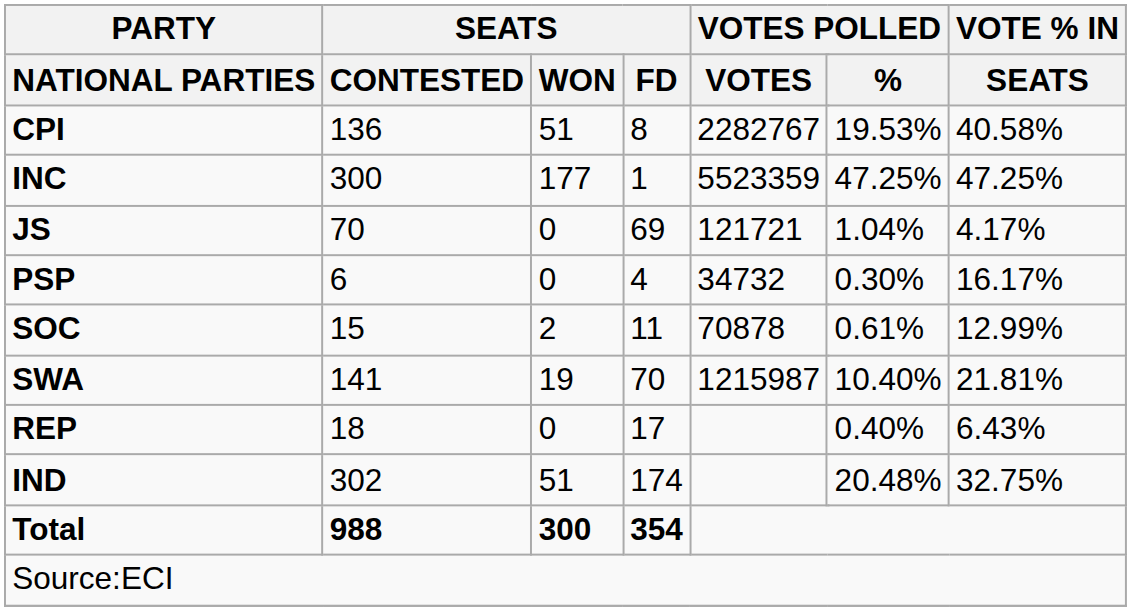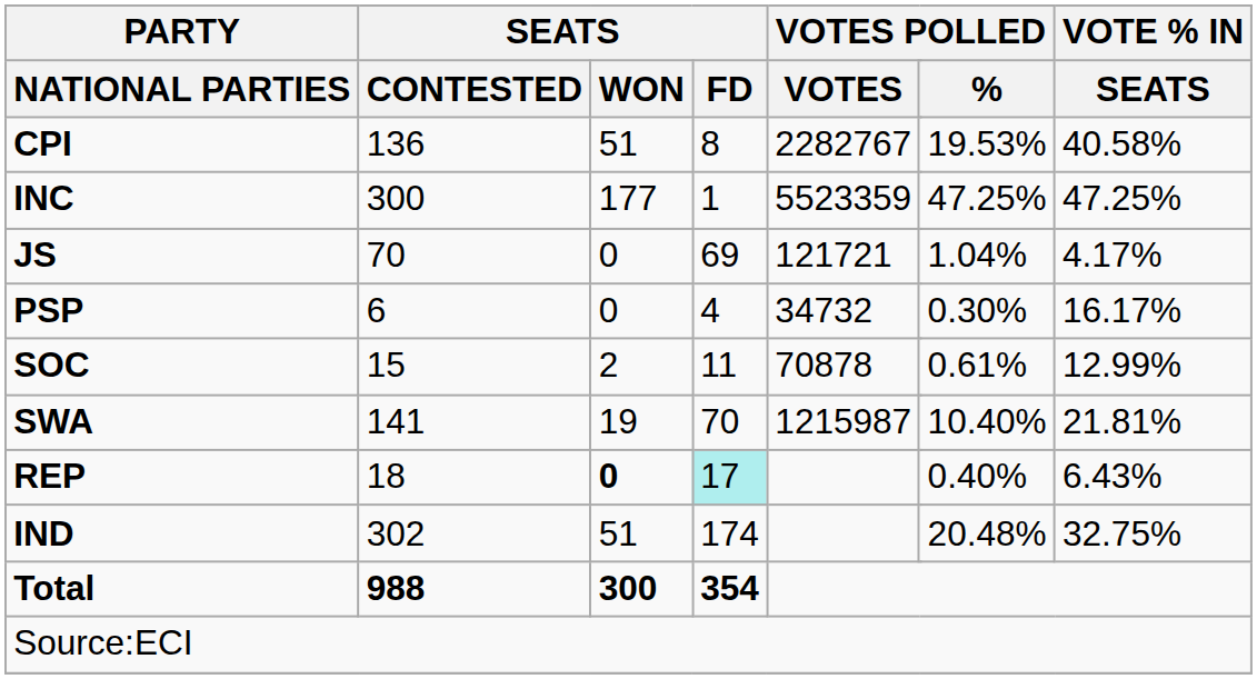 <table class="wikitable">
 <tr>
 <th>PARTY</th>
 <th colspan="3">SEATS</th>
 <th colspan="3">VOTES POLLED</th>
 <th colspan="2">VOTE % IN</th>
 </tr>
 <tr>
 <th>NATIONAL  PARTIES</th>
 <th>CONTESTED</th>
 <th>WON</th>
 <th>FD</th>
 <th colspan="2">VOTES</th>
 <th>%</th>
 <th colspan="2">SEATS</th>
 </tr>
 <tr>
 <td><strong>CPI</strong></td>
 <td>136</td>
 <td>51</td>
 <td>8</td>
 <td colspan="2">2282767</td>
 <td>19.53%</td>
 <td colspan="2">40.58%</td>
 </tr>
 <tr>
 <td><strong>INC</strong></td>
 <td>300</td>
 <td>177</td>
 <td>1</td>
 <td colspan="2">5523359</td>
 <td>47.25%</td>
 <td colspan="2">47.25%</td>
 </tr>
 <tr>
 <td><strong>JS</strong></td>
 <td>70</td>
 <td>0</td>
 <td>69</td>
 <td colspan="2">121721</td>
 <td>1.04%</td>
 <td colspan="2">4.17%</td>
 </tr>
 <tr>
 <td><strong>PSP</strong></td>
 <td>6</td>
 <td>0</td>
 <td>4</td>
 <td colspan="2">34732</td>
 <td>0.30%</td>
 <td colspan="2">16.17%</td>
 </tr>
 <tr>
 <td><strong>SOC</strong></td>
 <td>15</td>
 <td>2</td>
 <td>11</td>
 <td colspan="2">70878</td>
 <td>0.61%</td>
 <td colspan="2">12.99%</td>
 </tr>
 <tr>
 <td><strong>SWA</strong></td>
 <td>141</td>
 <td>19</td>
 <td>70</td>
 <td colspan="2">1215987</td>
 <td>10.40%</td>
 <td colspan="2">21.81%</td>
 </tr>
 <tr>
 <td><strong>REP</strong></td>
 <td>18</td>
-<td>0</td>
-<td>17</td>
+<td><strong>0</strong></td>
+<td style="background: paleturquoise;">17</td>
 <td colspan="2"></td>
 <td>0.40%</td>
 <td colspan="2">6.43%</td>
 </tr>
 <tr>
 <td><strong>IND</strong></td>
 <td>302</td>
 <td>51</td>
 <td>174</td>
 <td colspan="2"></td>
 <td>20.48%</td>
 <td colspan="2">32.75%</td>
 </tr>
 <tr>
 <td><strong>Total</strong></td>
 <td><strong>988</strong></td>
 <td><strong>300</strong></td>
 <td><strong>354</strong></td>
 <td colspan="5"></td>
 </tr>
 <tr>
 <td colspan=8>Source:ECI</td>
 </tr>
 <tr>
 </tr>
 </table>
